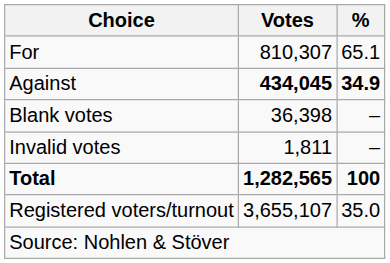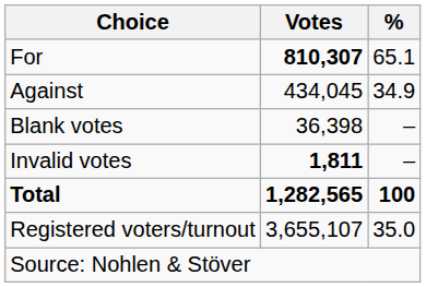 <table class=wikitable style=text-align:right>
 <tr>
 <th>Choice</th>
 <th>Votes</th>
 <th>%</th>
 </tr>
 <tr>
 <td align=left>For</td>
-<td>810,307</td>
+<td><strong>810,307</strong></td>
 <td>65.1</td>
 </tr>
 <tr>
 <td align=left>Against</td>
-<td><strong>434,045</strong></td>
-<td><strong>34.9</strong></td>
+<td>434,045</td>
+<td>34.9</td>
 </tr>
 <tr>
 <td align=left>Blank votes</td>
 <td>36,398</td>
 <td>–</td>
 </tr>
 <tr>
 <td align=left>Invalid votes</td>
-<td>1,811</td>
+<td><strong>1,811</strong></td>
 <td>–</td>
 </tr>
 <tr>
 <td align=left><strong>Total</strong></td>
 <td><strong>1,282,565</strong></td>
 <td><strong>100</strong></td>
 </tr>
 <tr>
 <td align=left>Registered voters/turnout</td>
 <td>3,655,107</td>
 <td>35.0</td>
 </tr>
 <tr>
 <td align=left colspan=3>Source: Nohlen & Stöver</td>
 </tr>
 </table>
